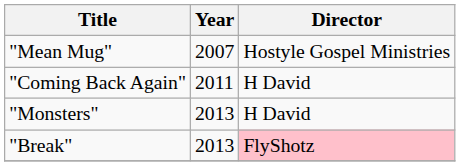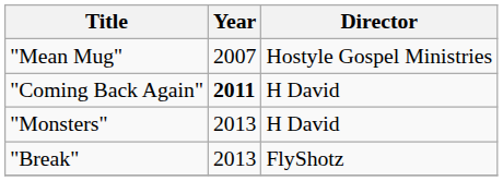 <table class="wikitable">
 <tr>
 <th>Title</th>
 <th>Year</th>
 <th>Director</th>
 </tr>
 <tr>
 <td>"Mean Mug"</td>
 <td>2007</td>
 <td>Hostyle Gospel Ministries</td>
 </tr>
 <tr>
 <td>"Coming Back Again"</td>
-<td>2011</td>
+<td><strong>2011</strong></td>
 <td>H David</td>
 </tr>
 <tr>
 <td>"Monsters" </td>
 <td>2013</td>
 <td>H David</td>
 </tr>
 <tr>
 <td>"Break"</td>
 <td>2013</td>
-<td style="background: pink;">FlyShotz</td>
+<td>FlyShotz</td>
 </tr>
 <tr>
 </tr>
 </table>
